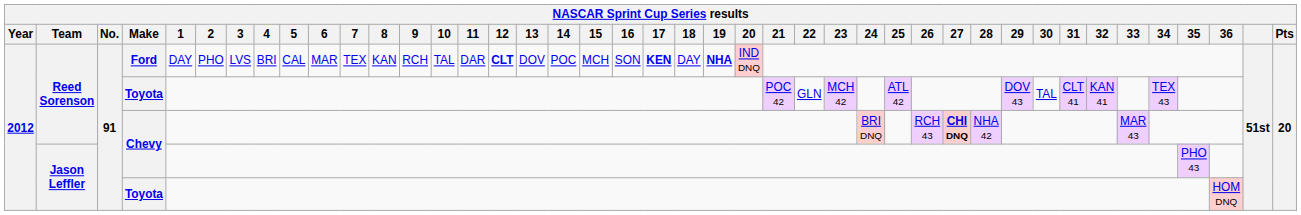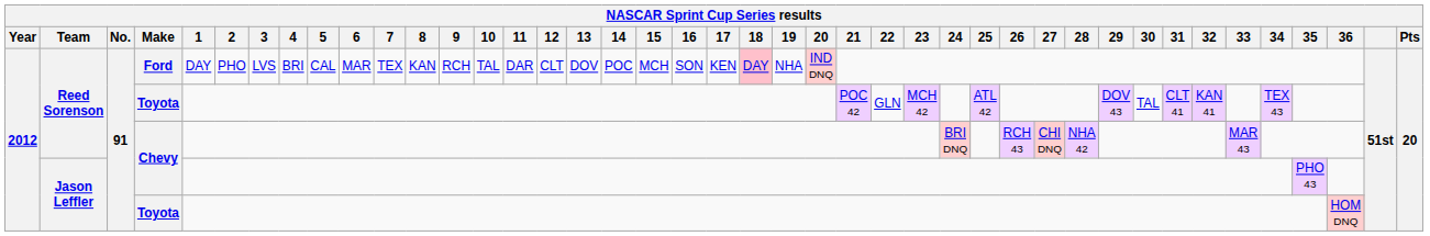 <table class="wikitable" style="text-align:center; font-size:75%">
 <tr>
 <th colspan=45><a href='#'>NASCAR Sprint Cup Series</a> results</th>
 </tr>
 <tr>
 <th>Year</th>
 <th>Team</th>
 <th>No.</th>
 <th>Make</th>
 <th>1</th>
 <th>2</th>
 <th>3</th>
 <th>4</th>
 <th>5</th>
 <th>6</th>
 <th>7</th>
 <th>8</th>
 <th>9</th>
 <th>10</th>
 <th>11</th>
 <th>12</th>
 <th>13</th>
 <th>14</th>
 <th>15</th>
 <th>16</th>
 <th>17</th>
 <th>18</th>
 <th>19</th>
 <th>20</th>
 <th>21</th>
 <th>22</th>
 <th>23</th>
 <th>24</th>
 <th>25</th>
 <th>26</th>
 <th>27</th>
 <th>28</th>
 <th>29</th>
 <th>30</th>
 <th>31</th>
 <th>32</th>
 <th>33</th>
 <th>34</th>
 <th>35</th>
 <th>36</th>
 <th></th>
 <th>Pts</th>
 </tr>
 <tr>
 <th rowspan=5><a href='#'>2012</a></th>
 <th rowspan=3><a href='#'>Reed Sorenson</a></th>
 <th rowspan=5>91</th>
 <th><a href='#'>Ford</a></th>
 <td><a href='#'>DAY</a></td>
 <td><a href='#'>PHO</a></td>
 <td><a href='#'>LVS</a></td>
 <td><a href='#'>BRI</a></td>
 <td><a href='#'>CAL</a></td>
 <td><a href='#'>MAR</a></td>
 <td><a href='#'>TEX</a></td>
 <td><a href='#'>KAN</a></td>
 <td><a href='#'>RCH</a></td>
 <td><a href='#'>TAL</a></td>
 <td><a href='#'>DAR</a></td>
-<td><strong><a href='#'>CLT</a></strong></td>
+<td><a href='#'>CLT</a></td>
 <td><a href='#'>DOV</a></td>
 <td><a href='#'>POC</a></td>
 <td><a href='#'>MCH</a></td>
 <td><a href='#'>SON</a></td>
-<td><strong><a href='#'>KEN</a></strong></td>
-<td><a href='#'>DAY</a></td>
-<td><strong><a href='#'>NHA</a></strong></td>
+<td><a href='#'>KEN</a></td>
+<td style="background: pink;"><a href='#'>DAY</a></td>
+<td><a href='#'>NHA</a></td>
 <td style="background:#FFCFCF;"><a href='#'>IND</a><br><small>DNQ</small></td>
 <td colspan=16></td>
 <th rowspan=5>51st</th>
 <th rowspan=5>20</th>
 </tr>
 <tr>
 <th><a href='#'>Toyota</a></th>
 <td colspan=20></td>
 <td style="background:#EFCFFF;"><a href='#'>POC</a><br><small>42</small></td>
 <td><a href='#'>GLN</a></td>
 <td style="background:#EFCFFF;"><a href='#'>MCH</a><br><small>42</small></td>
 <td></td>
 <td style="background:#EFCFFF;"><a href='#'>ATL</a><br><small>42</small></td>
 <td colspan=3></td>
 <td style="background:#EFCFFF;"><a href='#'>DOV</a><br><small>43</small></td>
 <td><a href='#'>TAL</a></td>
 <td style="background:#EFCFFF;"><a href='#'>CLT</a><br><small>41</small></td>
 <td style="background:#EFCFFF;"><a href='#'>KAN</a><br><small>41</small></td>
 <td></td>
 <td style="background:#EFCFFF;"><a href='#'>TEX</a><br><small>43</small></td>
 <td colspan=2></td>
 </tr>
 <tr>
 <th rowspan=2><a href='#'>Chevy</a></th>
 <td colspan=23></td>
 <td style="background:#FFCFCF;"><a href='#'>BRI</a><br><small>DNQ</small></td>
 <td></td>
 <td style="background:#EFCFFF;"><a href='#'>RCH</a><br><small>43</small></td>
-<td style="background:#FFCFCF;"><strong><a href='#'>CHI</a><br><small>DNQ</small></strong></td>
+<td style="background:#FFCFCF;"><a href='#'>CHI</a><br><small>DNQ</small></td>
 <td style="background:#EFCFFF;"><a href='#'>NHA</a><br><small>42</small></td>
 <td colspan=4></td>
 <td style="background:#EFCFFF;"><a href='#'>MAR</a><br><small>43</small></td>
 <td colspan=3></td>
 </tr>
 <tr>
 <th rowspan=2><a href='#'>Jason Leffler</a></th>
 <td colspan=34></td>
 <td style="background:#EFCFFF;"><a href='#'>PHO</a><br><small>43</small></td>
 <td></td>
 </tr>
 <tr>
 <th rowspan=1><a href='#'>Toyota</a></th>
 <td colspan=35></td>
 <td style="background:#FFCFCF;"><a href='#'>HOM</a><br><small>DNQ</small></td>
 </tr>
 </table>
